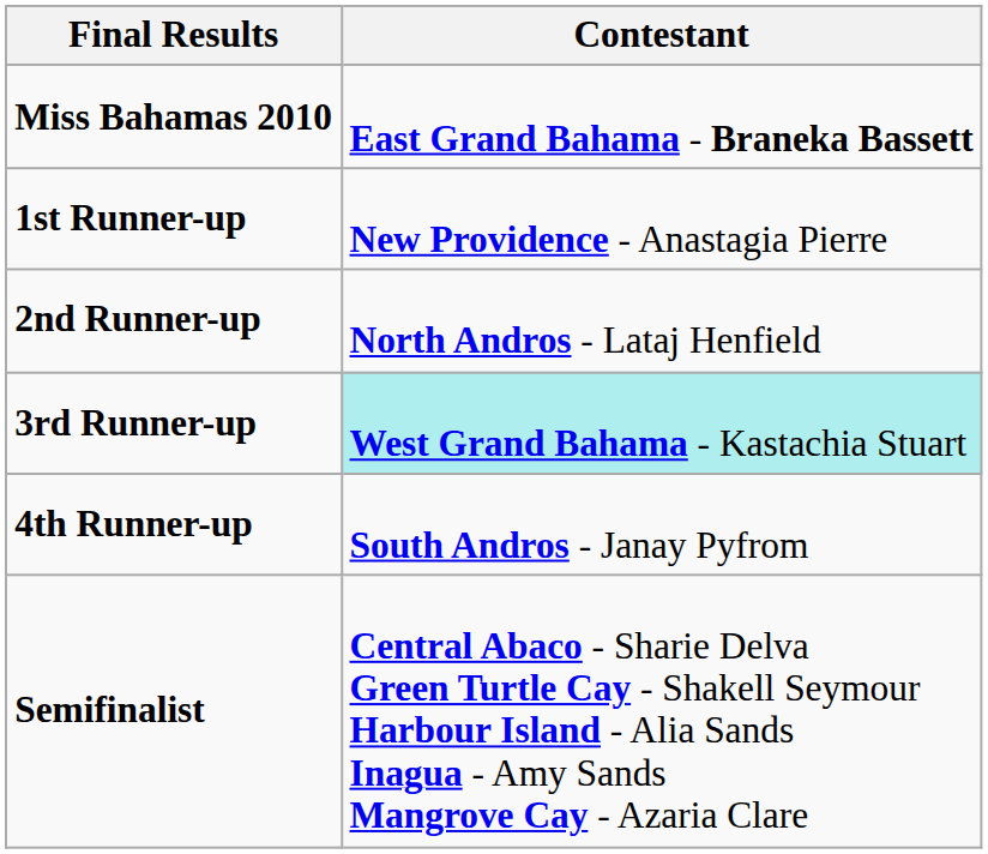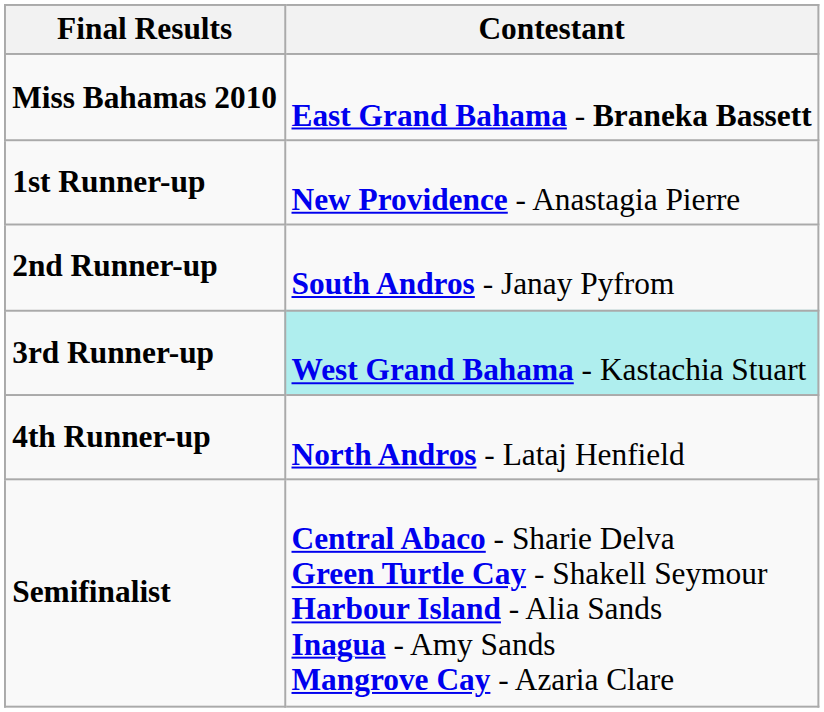 <table class="wikitable" border="1">
 <tr>
 <th>Final Results</th>
 <th>Contestant</th>
 </tr>
 <tr>
 <td><strong>Miss Bahamas 2010</strong></td>
 <td><br><strong><a href='#'>East Grand Bahama</a></strong> - <strong>Braneka Bassett</strong></td>
 </tr>
 <tr>
 <td><strong>1st Runner-up</strong></td>
 <td><br><strong><a href='#'>New Providence</a></strong> - Anastagia Pierre</td>
 </tr>
 <tr>
 <td><strong>2nd Runner-up</strong></td>
-<td><br><strong><a href='#'>North Andros</a></strong> - Lataj Henfield</td>
+<td><br><strong><a href='#'>South Andros</a></strong> - Janay Pyfrom</td>
 </tr>
 <tr>
 <td><strong>3rd Runner-up</strong></td>
 <td style="background: paleturquoise;"><br><strong><a href='#'>West Grand Bahama</a></strong> - Kastachia Stuart</td>
 </tr>
 <tr>
 <td><strong>4th Runner-up</strong></td>
-<td><br><strong><a href='#'>South Andros</a></strong> - Janay Pyfrom</td>
+<td><br><strong><a href='#'>North Andros</a></strong> - Lataj Henfield</td>
 </tr>
 <tr>
 <td><strong>Semifinalist</strong></td>
 <td><br><strong><a href='#'>Central Abaco</a></strong> - Sharie Delva<br> <strong><a href='#'>Green Turtle Cay</a></strong> - Shakell Seymour<br> <strong><a href='#'>Harbour Island</a></strong> - Alia Sands<br> <strong><a href='#'>Inagua</a></strong> - Amy Sands<br> <strong><a href='#'>Mangrove Cay</a></strong> - Azaria Clare</td>
 </tr>
 </table>
